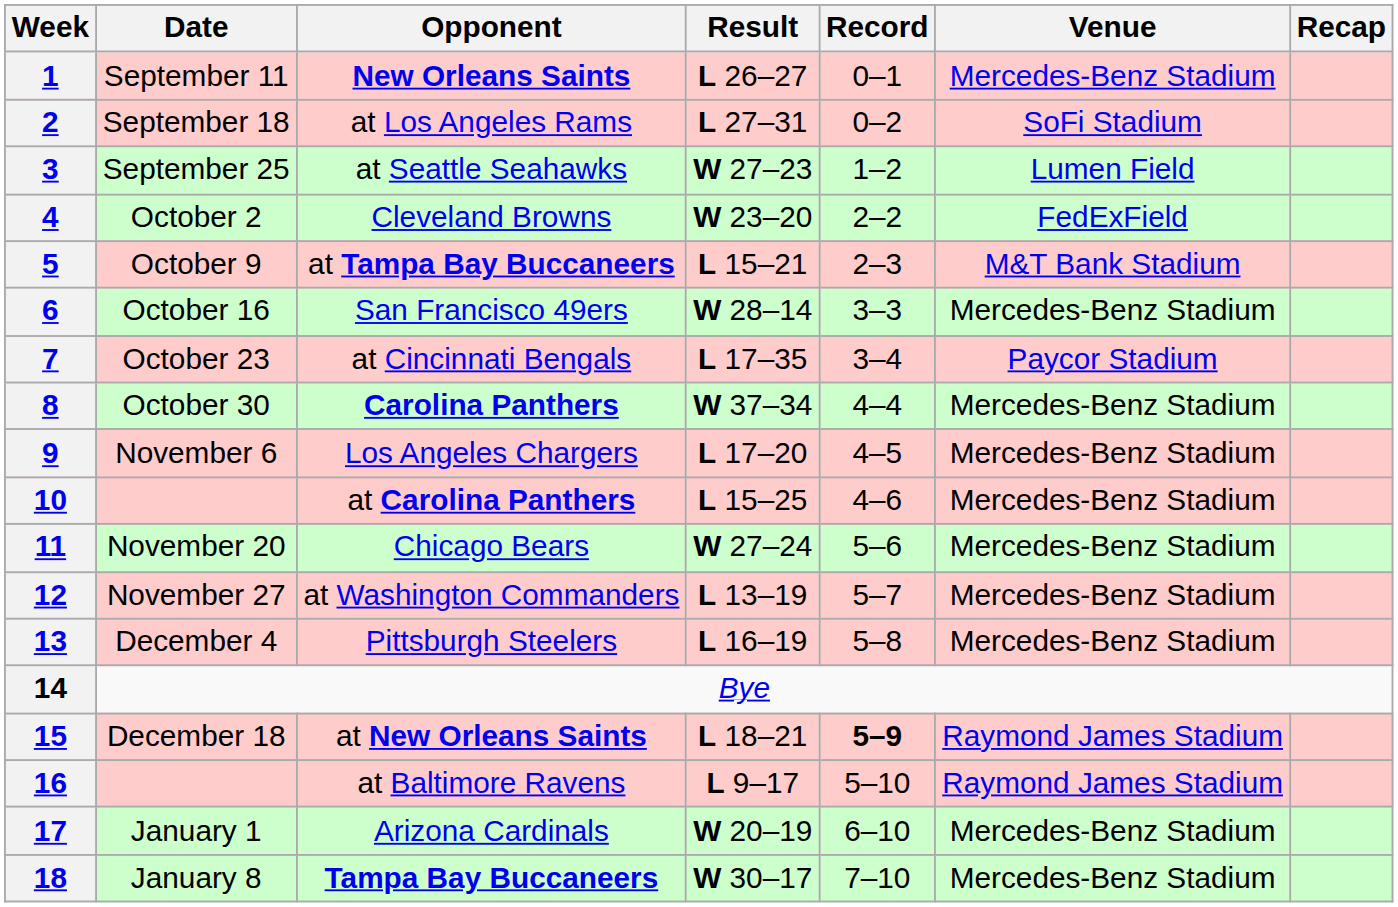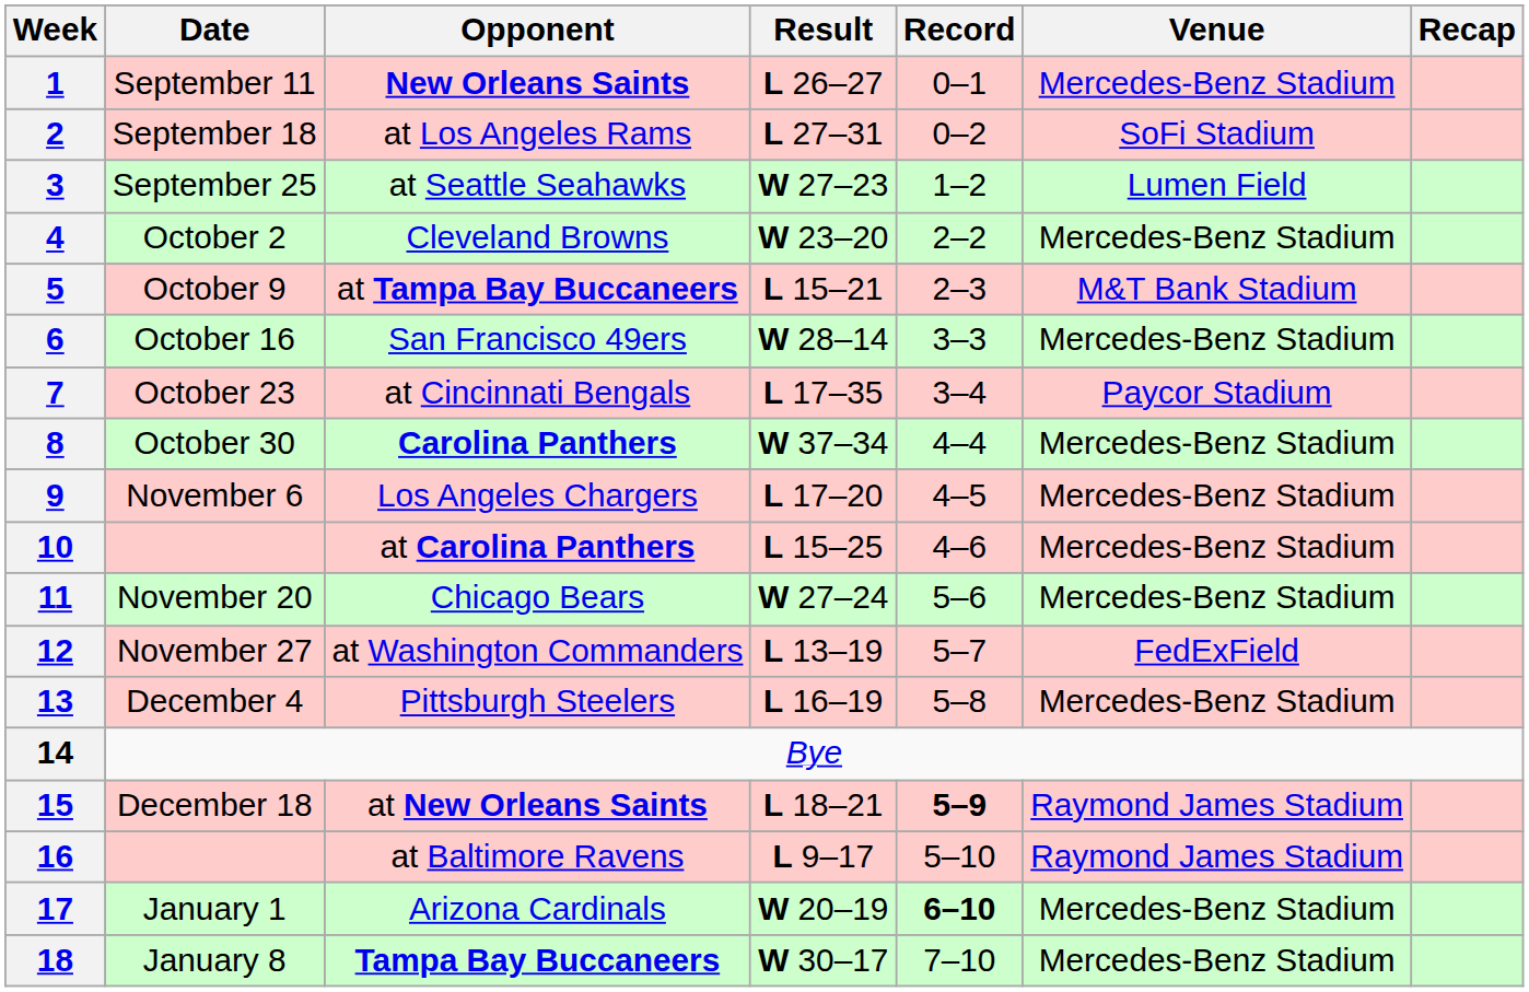 <table class="wikitable" style="text-align:center">
 <tr>
 <th>Week</th>
 <th>Date</th>
 <th>Opponent</th>
 <th>Result</th>
 <th>Record</th>
 <th>Venue</th>
 <th>Recap</th>
 </tr>
 <tr style="background:#fcc">
 <th><a href='#'>1</a></th>
 <td>September 11</td>
 <td><strong><a href='#'>New Orleans Saints</a></strong></td>
 <td><strong>L</strong> 26–27</td>
 <td>0–1</td>
 <td><a href='#'>Mercedes-Benz Stadium</a></td>
 <td></td>
 </tr>
 <tr style="background:#fcc">
 <th><a href='#'>2</a></th>
 <td>September 18</td>
 <td>at <a href='#'>Los Angeles Rams</a></td>
 <td><strong>L</strong> 27–31</td>
 <td>0–2</td>
 <td><a href='#'>SoFi Stadium</a></td>
 <td></td>
 </tr>
 <tr style="background:#cfc">
 <th><a href='#'>3</a></th>
 <td>September 25</td>
 <td>at <a href='#'>Seattle Seahawks</a></td>
 <td><strong>W</strong> 27–23</td>
 <td>1–2</td>
 <td><a href='#'>Lumen Field</a></td>
 <td></td>
 </tr>
 <tr style="background:#cfc">
 <th><a href='#'>4</a></th>
 <td>October 2</td>
 <td><a href='#'>Cleveland Browns</a></td>
 <td><strong>W</strong> 23–20</td>
 <td>2–2</td>
-<td><a href='#'>FedExField</a></td>
+<td>Mercedes-Benz Stadium</td>
 <td></td>
 </tr>
 <tr style="background:#fcc">
 <th><a href='#'>5</a></th>
 <td>October 9</td>
 <td>at <strong><a href='#'>Tampa Bay Buccaneers</a></strong></td>
 <td><strong>L</strong> 15–21</td>
 <td>2–3</td>
 <td><a href='#'>M&T Bank Stadium</a></td>
 <td></td>
 </tr>
 <tr style="background:#cfc">
 <th><a href='#'>6</a></th>
 <td>October 16</td>
 <td><a href='#'>San Francisco 49ers</a></td>
 <td><strong>W</strong> 28–14</td>
 <td>3–3</td>
 <td>Mercedes-Benz Stadium</td>
 <td></td>
 </tr>
 <tr style="background:#fcc">
 <th><a href='#'>7</a></th>
 <td>October 23</td>
 <td>at <a href='#'>Cincinnati Bengals</a></td>
 <td><strong>L</strong> 17–35</td>
 <td>3–4</td>
 <td><a href='#'>Paycor Stadium</a></td>
 <td></td>
 </tr>
 <tr style="background:#cfc">
 <th><a href='#'>8</a></th>
 <td>October 30</td>
 <td><strong><a href='#'>Carolina Panthers</a></strong></td>
 <td><strong>W</strong> 37–34 </td>
 <td>4–4</td>
 <td>Mercedes-Benz Stadium</td>
 <td></td>
 </tr>
 <tr style="background:#fcc">
 <th><a href='#'>9</a></th>
 <td>November 6</td>
 <td><a href='#'>Los Angeles Chargers</a></td>
 <td><strong>L</strong> 17–20</td>
 <td>4–5</td>
 <td>Mercedes-Benz Stadium</td>
 <td></td>
 </tr>
 <tr style="background:#fcc">
 <th><a href='#'>10</a></th>
 <td></td>
 <td>at <strong><a href='#'>Carolina Panthers</a></strong></td>
 <td><strong>L</strong> 15–25</td>
 <td>4–6</td>
 <td>Mercedes-Benz Stadium</td>
 <td></td>
 </tr>
 <tr style="background:#cfc">
 <th><a href='#'>11</a></th>
 <td>November 20</td>
 <td><a href='#'>Chicago Bears</a></td>
 <td><strong>W</strong> 27–24</td>
 <td>5–6</td>
 <td>Mercedes-Benz Stadium</td>
 <td></td>
 </tr>
 <tr style="background:#fcc">
 <th><a href='#'>12</a></th>
 <td>November 27</td>
 <td>at <a href='#'>Washington Commanders</a></td>
 <td><strong>L</strong> 13–19</td>
 <td>5–7</td>
-<td>Mercedes-Benz Stadium</td>
+<td><a href='#'>FedExField</a></td>
 <td></td>
 </tr>
 <tr style="background:#fcc">
 <th><a href='#'>13</a></th>
 <td>December 4</td>
 <td><a href='#'>Pittsburgh Steelers</a></td>
 <td><strong>L</strong> 16–19</td>
 <td>5–8</td>
 <td>Mercedes-Benz Stadium</td>
 <td></td>
 </tr>
 <tr>
 <th>14</th>
 <td colspan="6"><em><a href='#'>Bye</a></em></td>
 </tr>
 <tr style="background:#fcc">
 <th><a href='#'>15</a></th>
 <td>December 18</td>
 <td>at <strong><a href='#'>New Orleans Saints</a></strong></td>
 <td><strong>L</strong> 18–21</td>
 <td><strong>5–9</strong></td>
 <td><a href='#'>Raymond James Stadium</a></td>
 <td></td>
 </tr>
 <tr style="background:#fcc">
 <th><a href='#'>16</a></th>
 <td></td>
 <td>at <a href='#'>Baltimore Ravens</a></td>
 <td><strong>L</strong> 9–17</td>
 <td>5–10</td>
 <td><a href='#'>Raymond James Stadium</a></td>
 <td></td>
 </tr>
 <tr style="background:#cfc">
 <th><a href='#'>17</a></th>
 <td>January 1</td>
 <td><a href='#'>Arizona Cardinals</a></td>
 <td><strong>W</strong> 20–19</td>
-<td>6–10</td>
+<td><strong>6–10</strong></td>
 <td>Mercedes-Benz Stadium</td>
 <td></td>
 </tr>
 <tr style="background:#cfc">
 <th><a href='#'>18</a></th>
 <td>January 8</td>
 <td><strong><a href='#'>Tampa Bay Buccaneers</a></strong></td>
 <td><strong>W</strong> 30–17</td>
 <td>7–10</td>
 <td>Mercedes-Benz Stadium</td>
 <td></td>
 </tr>
 </table>
